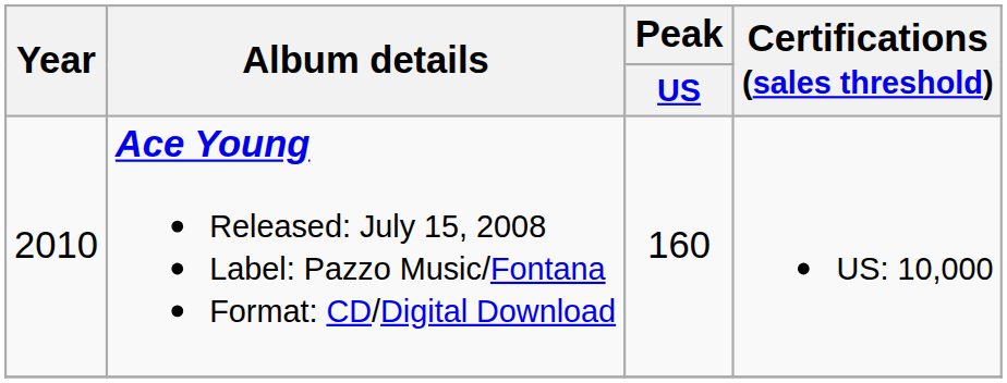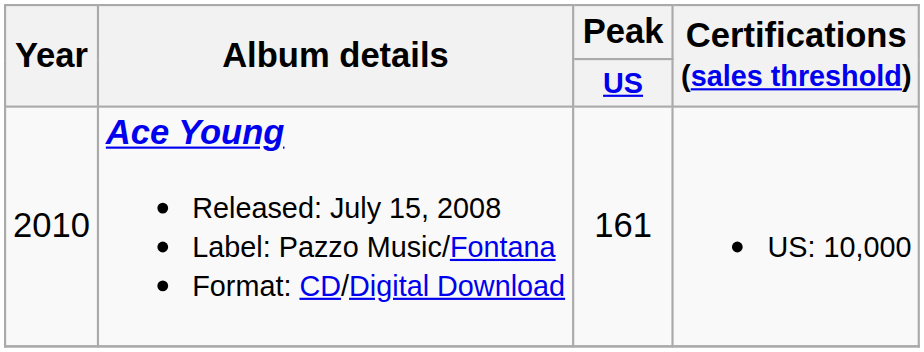 <table class="wikitable" style="text-align:center;">
 <tr>
 <th rowspan="2">Year</th>
 <th rowspan="2">Album details</th>
 <th colspan="1">Peak</th>
 <th rowspan="2">Certifications<br><small>(<a href='#'>sales threshold</a>)</small></th>
 </tr>
 <tr style="font-size:smaller;">
 <th width="40"><a href='#'>US</a></th>
 </tr>
 <tr>
 <td>2010</td>
 <td align="left"><strong><em><a href='#'>Ace Young</a></em></strong><br><ul><li><small>Released: July 15, 2008</small></li><li><small>Label: Pazzo Music/<a href='#'>Fontana</a></small></li><li><small>Format: <a href='#'>CD</a>/<a href='#'>Digital Download</a></small></li></ul></td>
-<td>160</td>
+<td>161</td>
 <td align="left"><br><ul><li><small>US: 10,000 </small></li></ul></td>
 </tr>
 <tr>
 </tr>
 </table>
